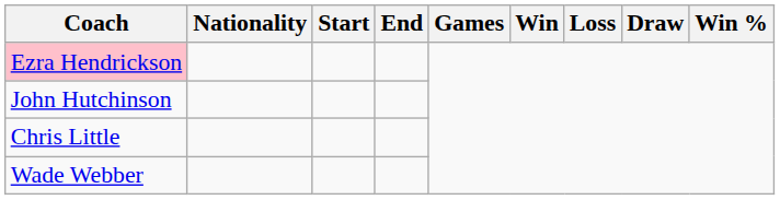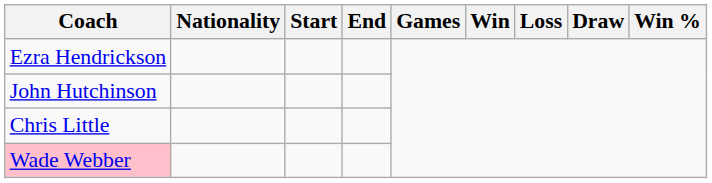 <table class="wikitable" style="margin-left: lem;">
 <tr>
 <th>Coach</th>
 <th>Nationality</th>
 <th>Start</th>
 <th>End</th>
 <th>Games</th>
 <th><strong>Win</strong></th>
 <th>Loss</th>
 <th>Draw</th>
 <th>Win %</th>
 </tr>
 <tr>
-<td style="background: pink;"><a href='#'>Ezra Hendrickson</a></td>
+<td><a href='#'>Ezra Hendrickson</a></td>
 <td></td>
 <td></td>
 <td><br></td>
 </tr>
 <tr>
 <td><a href='#'>John Hutchinson</a></td>
 <td></td>
 <td></td>
 <td><br></td>
 </tr>
 <tr>
 <td><a href='#'>Chris Little</a></td>
 <td></td>
 <td></td>
 <td><br></td>
 </tr>
 <tr>
-<td><a href='#'>Wade Webber</a></td>
+<td style="background: pink;"><a href='#'>Wade Webber</a></td>
 <td></td>
 <td></td>
 <td><br></td>
 </tr>
 </table>
